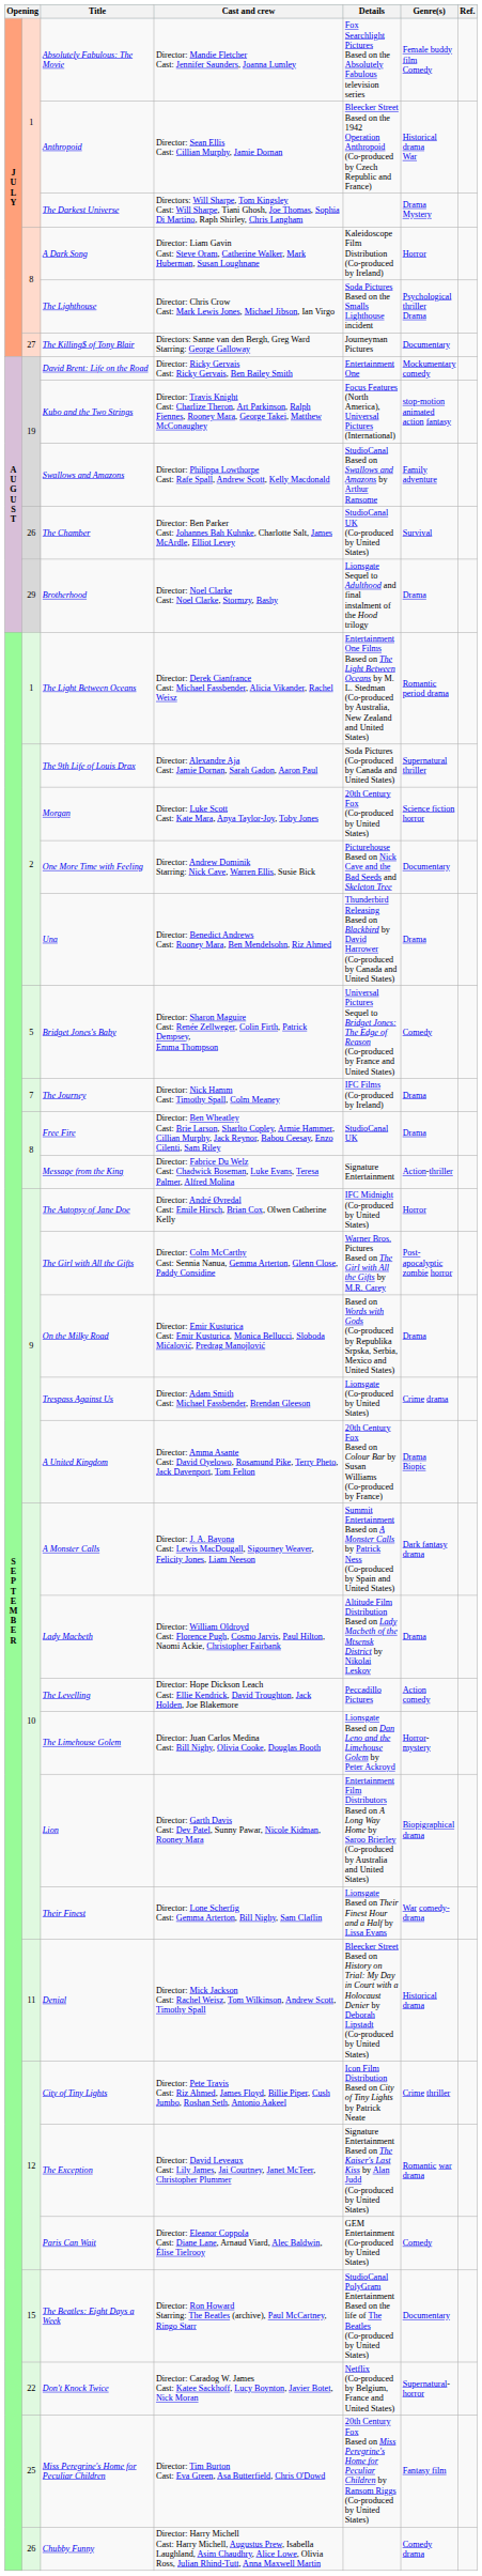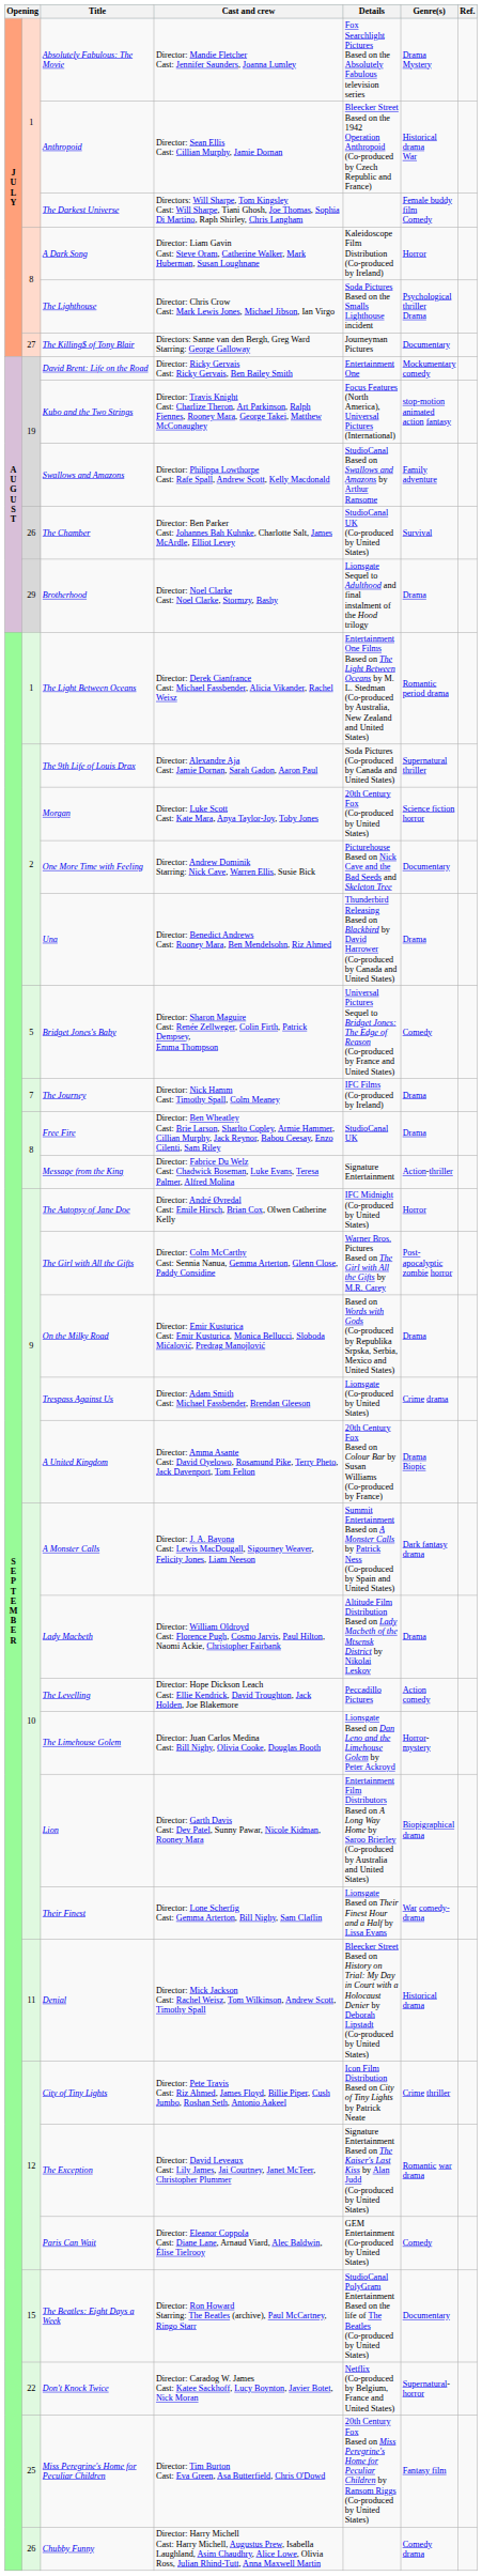 <table class="wikitable">
 <tr style="background:#b0e0e6; text-align:center;">
 <th colspan="2">Opening</th>
 <th style="width:24%;">Title</th>
 <th style="width:40%;">Cast and crew</th>
 <th>Details</th>
 <th style="width:10%;">Genre(s)</th>
 <th style="width:2%;">Ref.</th>
 </tr>
 <tr>
 <th rowspan="6" style="text-align:center; background:#ffa07a; textcolor:#000;">J<br>U<br>L<br>Y</th>
 <td rowspan="3" style="text-align:center; background:#ffdacc;">1</td>
 <td><em><a href='#'>Absolutely Fabulous: The Movie</a></em></td>
 <td>Director: <a href='#'>Mandie Fletcher</a> <br> Cast: <a href='#'>Jennifer Saunders</a>, <a href='#'>Joanna Lumley</a></td>
 <td><a href='#'>Fox Searchlight Pictures</a> <br> Based on the <a href='#'>Absolutely Fabulous</a> television series</td>
-<td><a href='#'>Female buddy film</a> <br> <a href='#'>Comedy</a></td>
+<td><a href='#'>Drama</a> <br> <a href='#'>Mystery</a></td>
 <td style="text-align:center"></td>
 </tr>
 <tr>
 <td><em><a href='#'>Anthropoid</a></em></td>
 <td>Director: <a href='#'>Sean Ellis</a> <br> Cast: <a href='#'>Cillian Murphy</a>, <a href='#'>Jamie Dornan</a></td>
 <td><a href='#'>Bleecker Street</a> <br> Based on the 1942 <a href='#'>Operation Anthropoid</a> <br> (Co-produced by Czech Republic and France)</td>
 <td><a href='#'>Historical drama</a> <br> <a href='#'>War</a></td>
 <td style="text-align:center"></td>
 </tr>
 <tr>
 <td><em><a href='#'>The Darkest Universe</a></em></td>
 <td>Directors: <a href='#'>Will Sharpe</a>, <a href='#'>Tom Kingsley</a> <br> Cast: <a href='#'>Will Sharpe</a>, Tiani Ghosh, <a href='#'>Joe Thomas</a>, <a href='#'>Sophia Di Martino</a>, Raph Shirley, <a href='#'>Chris Langham</a></td>
 <td></td>
-<td><a href='#'>Drama</a> <br> <a href='#'>Mystery</a></td>
+<td><a href='#'>Female buddy film</a> <br> <a href='#'>Comedy</a></td>
 <td style="text-align:center"></td>
 </tr>
 <tr>
 <td rowspan="2" style="text-align:center; background:#ffdacc;">8</td>
 <td><em><a href='#'>A Dark Song</a></em></td>
 <td>Director: Liam Gavin <br> Cast: <a href='#'>Steve Oram</a>, <a href='#'>Catherine Walker</a>, <a href='#'>Mark Huberman</a>, <a href='#'>Susan Loughnane</a></td>
 <td>Kaleidoscope Film Distribution <br> (Co-produced by Ireland)</td>
 <td><a href='#'>Horror</a></td>
 <td style="text-align:center"></td>
 </tr>
 <tr>
 <td><em><a href='#'>The Lighthouse</a></em></td>
 <td>Director: Chris Crow <br> Cast: <a href='#'>Mark Lewis Jones</a>, <a href='#'>Michael Jibson</a>, Ian Virgo</td>
 <td><a href='#'>Soda Pictures</a> <br> Based on the <a href='#'>Smalls Lighthouse</a> incident</td>
 <td><a href='#'>Psychological thriller</a> <br> <a href='#'>Drama</a></td>
 <td></td>
 </tr>
 <tr>
 <td rowspan="1" style="text-align:center; background:#ffdacc;">27</td>
 <td><em><a href='#'>The Killing$ of Tony Blair</a></em></td>
 <td>Directors:  Sanne van den Bergh, Greg Ward <br> Starring: <a href='#'>George Galloway</a></td>
 <td>Journeyman Pictures</td>
 <td><a href='#'>Documentary</a></td>
 <td style="text-align:center"></td>
 </tr>
 <tr>
 <th rowspan="5" style="text-align:center; background:thistle; textcolor:#000;">A<br>U<br>G<br>U<br>S<br>T</th>
 <td rowspan="3" style="text-align:center; background:#d8d8d8;">19</td>
 <td><em><a href='#'>David Brent: Life on the Road</a></em></td>
 <td>Director: <a href='#'>Ricky Gervais</a> <br> Cast: <a href='#'>Ricky Gervais</a>, <a href='#'>Ben Bailey Smith</a></td>
 <td><a href='#'>Entertainment One</a></td>
 <td><a href='#'>Mockumentary</a> <a href='#'>comedy</a></td>
 <td style="text-align:center"></td>
 </tr>
 <tr>
 <td><em><a href='#'>Kubo and the Two Strings</a></em></td>
 <td>Director: <a href='#'>Travis Knight</a> <br> Cast: <a href='#'>Charlize Theron</a>, <a href='#'>Art Parkinson</a>, <a href='#'>Ralph Fiennes</a>, <a href='#'>Rooney Mara</a>, <a href='#'>George Takei</a>, <a href='#'>Matthew McConaughey</a></td>
 <td><a href='#'>Focus Features</a> (North America), <a href='#'>Universal Pictures</a> (International)</td>
 <td><a href='#'>stop-motion animated</a> <a href='#'>action</a> <a href='#'>fantasy</a></td>
 </tr>
 <tr>
 <td><em><a href='#'>Swallows and Amazons</a></em></td>
 <td>Director: <a href='#'>Philippa Lowthorpe</a> <br> Cast: <a href='#'>Rafe Spall</a>, <a href='#'>Andrew Scott</a>, <a href='#'>Kelly Macdonald</a></td>
 <td><a href='#'>StudioCanal</a> <br> Based on <em><a href='#'>Swallows and Amazons</a></em> by <a href='#'>Arthur Ransome</a></td>
 <td><a href='#'>Family</a> <a href='#'>adventure</a></td>
 <td style="text-align:center"></td>
 </tr>
 <tr>
 <td rowspan="1" style="text-align:center; background:#d8d8d8;">26</td>
 <td><em><a href='#'>The Chamber</a></em></td>
 <td>Director: Ben Parker <br> Cast: <a href='#'>Johannes Bah Kuhnke</a>, Charlotte Salt, <a href='#'>James McArdle</a>, <a href='#'>Elliot Levey</a></td>
 <td><a href='#'>StudioCanal UK</a> <br> (Co-produced by United States)</td>
 <td><a href='#'>Survival</a></td>
 <td style="text-align:center"></td>
 </tr>
 <tr>
 <td rowspan="1" style="text-align:center; background:#d8d8d8;">29</td>
 <td><em><a href='#'>Brotherhood</a></em></td>
 <td>Director: <a href='#'>Noel Clarke</a> <br> Cast: <a href='#'>Noel Clarke</a>, <a href='#'>Stormzy</a>, <a href='#'>Bashy</a></td>
 <td><a href='#'>Lionsgate</a> <br> Sequel to <em><a href='#'>Adulthood</a></em> and final instalment of the <em>Hood</em> trilogy</td>
 <td><a href='#'>Drama</a></td>
 <td style="text-align:center"></td>
 </tr>
 <tr>
 <th rowspan="28" style="text-align:center; background:#98fb98; textcolor:#000;">S<br>E<br>P<br>T<br>E<br>M<br>B<br>E<br>R</th>
 <td rowspan="1" style="text-align:center; background:#e0f9e0;">1</td>
 <td><em><a href='#'>The Light Between Oceans</a></em></td>
 <td>Director: <a href='#'>Derek Cianfrance</a> <br> Cast: <a href='#'>Michael Fassbender</a>, <a href='#'>Alicia Vikander</a>, <a href='#'>Rachel Weisz</a></td>
 <td><a href='#'>Entertainment One Films</a> <br> Based on <em><a href='#'>The Light Between Oceans</a></em> by M. L. Stedman <br> (Co-produced by Australia, New Zealand and United States)</td>
 <td><a href='#'>Romantic</a> <a href='#'>period drama</a></td>
 <td style="text-align:center"></td>
 </tr>
 <tr>
 <td rowspan="4" style="text-align:center; background:#e0f9e0;">2</td>
 <td><em><a href='#'>The 9th Life of Louis Drax</a></em></td>
 <td>Director: <a href='#'>Alexandre Aja</a> <br> Cast: <a href='#'>Jamie Dornan</a>, <a href='#'>Sarah Gadon</a>, <a href='#'>Aaron Paul</a></td>
 <td>Soda Pictures <br> (Co-produced by Canada and United States)</td>
 <td><a href='#'>Supernatural</a> <a href='#'>thriller</a></td>
 <td style="text-align:center"></td>
 </tr>
 <tr>
 <td><em><a href='#'>Morgan</a></em></td>
 <td>Director: <a href='#'>Luke Scott</a> <br> Cast: <a href='#'>Kate Mara</a>, <a href='#'>Anya Taylor-Joy</a>, <a href='#'>Toby Jones</a></td>
 <td><a href='#'>20th Century Fox</a> <br> (Co-produced by United States)</td>
 <td><a href='#'>Science fiction</a> <a href='#'>horror</a></td>
 <td style="text-align:center"></td>
 </tr>
 <tr>
 <td><em><a href='#'>One More Time with Feeling</a></em></td>
 <td>Director: <a href='#'>Andrew Dominik</a> <br> Starring: <a href='#'>Nick Cave</a>, <a href='#'>Warren Ellis</a>, Susie Bick</td>
 <td><a href='#'>Picturehouse</a> <br> Based on <a href='#'>Nick Cave and the Bad Seeds</a> and <em><a href='#'>Skeleton Tree</a></em></td>
 <td><a href='#'>Documentary</a></td>
 <td style="text-align:center"></td>
 </tr>
 <tr>
 <td><em><a href='#'>Una</a></em></td>
 <td>Director: <a href='#'>Benedict Andrews</a> <br> Cast: <a href='#'>Rooney Mara</a>, <a href='#'>Ben Mendelsohn</a>, <a href='#'>Riz Ahmed</a></td>
 <td><a href='#'>Thunderbird Releasing</a> <br> Based on <em><a href='#'>Blackbird</a></em> by <a href='#'>David Harrower</a> <br> (Co-produced by Canada and United States)</td>
 <td><a href='#'>Drama</a></td>
 <td style="text-align:center"></td>
 </tr>
 <tr>
 <td rowspan="1" style="text-align:center; background:#e0f9e0;">5</td>
 <td><em><a href='#'>Bridget Jones's Baby</a></em></td>
 <td>Director: <a href='#'>Sharon Maguire</a> <br> Cast: <a href='#'>Renée Zellweger</a>, <a href='#'>Colin Firth</a>, <a href='#'>Patrick Dempsey</a>, <br> <a href='#'>Emma Thompson</a></td>
 <td><a href='#'>Universal Pictures</a> <br> Sequel to <em><a href='#'>Bridget Jones: The Edge of Reason</a></em> <br> (Co-produced by France and United States)</td>
 <td><a href='#'>Comedy</a></td>
 <td style="text-align:center"></td>
 </tr>
 <tr>
 <td rowspan="1" style="text-align:center; background:#e0f9e0;">7</td>
 <td><em><a href='#'>The Journey</a></em></td>
 <td>Director: <a href='#'>Nick Hamm</a> <br> Cast: <a href='#'>Timothy Spall</a>, <a href='#'>Colm Meaney</a></td>
 <td><a href='#'>IFC Films</a> <br> (Co-produced by Ireland)</td>
 <td><a href='#'>Drama</a></td>
 <td style="text-align:center"></td>
 </tr>
 <tr>
 <td rowspan="2" style="text-align:center; background:#e0f9e0;">8</td>
 <td><em><a href='#'>Free Fire</a></em></td>
 <td>Director: <a href='#'>Ben Wheatley</a> <br> Cast: <a href='#'>Brie Larson</a>, <a href='#'>Sharlto Copley</a>, <a href='#'>Armie Hammer</a>, <a href='#'>Cillian Murphy</a>, <a href='#'>Jack Reynor</a>, <a href='#'>Babou Ceesay</a>, <a href='#'>Enzo Cilenti</a>, <a href='#'>Sam Riley</a></td>
 <td><a href='#'>StudioCanal UK</a></td>
 <td><a href='#'>Drama</a></td>
 <td style="text-align:center"></td>
 </tr>
 <tr>
 <td><em><a href='#'>Message from the King</a></em></td>
 <td>Director: <a href='#'>Fabrice Du Welz</a> <br> Cast: <a href='#'>Chadwick Boseman</a>, <a href='#'>Luke Evans</a>, <a href='#'>Teresa Palmer</a>, <a href='#'>Alfred Molina</a></td>
 <td>Signature Entertainment</td>
 <td><a href='#'>Action</a>-<a href='#'>thriller</a></td>
 <td style="text-align:center"></td>
 </tr>
 <tr>
 <td rowspan="5" style="text-align:center; background:#e0f9e0;">9</td>
 <td><em><a href='#'>The Autopsy of Jane Doe</a></em></td>
 <td>Director: <a href='#'>André Øvredal</a> <br> Cast: <a href='#'>Emile Hirsch</a>, <a href='#'>Brian Cox</a>, Olwen Catherine Kelly</td>
 <td><a href='#'>IFC Midnight</a> <br> (Co-produced by United States)</td>
 <td><a href='#'>Horror</a></td>
 <td style="text-align:center"></td>
 </tr>
 <tr>
 <td><em><a href='#'>The Girl with All the Gifts</a></em></td>
 <td>Director: <a href='#'>Colm McCarthy</a> <br> Cast: Sennia Nanua, <a href='#'>Gemma Arterton</a>, <a href='#'>Glenn Close</a>, <br> <a href='#'>Paddy Considine</a></td>
 <td><a href='#'>Warner Bros.</a> Pictures <br> Based on <em><a href='#'>The Girl with All the Gifts</a></em> by <a href='#'>M.R. Carey</a></td>
 <td><a href='#'>Post-apocalyptic</a> <a href='#'>zombie</a> <a href='#'>horror</a></td>
 <td style="text-align:center"></td>
 </tr>
 <tr>
 <td><em><a href='#'>On the Milky Road</a></em></td>
 <td>Director: <a href='#'>Emir Kusturica</a> <br> Cast: <a href='#'>Emir Kusturica</a>, <a href='#'>Monica Bellucci</a>, <a href='#'>Sloboda Mićalović</a>, <a href='#'>Predrag Manojlović</a></td>
 <td>Based on <em><a href='#'>Words with Gods</a></em> <br> (Co-produced by Republika Srpska, Serbia, Mexico and United States)</td>
 <td><a href='#'>Drama</a></td>
 <td style="text-align:center"></td>
 </tr>
 <tr>
 <td><em><a href='#'>Trespass Against Us</a></em></td>
 <td>Director: <a href='#'>Adam Smith</a> <br> Cast: <a href='#'>Michael Fassbender</a>, <a href='#'>Brendan Gleeson</a></td>
 <td><a href='#'>Lionsgate</a> <br> (Co-produced by United States)</td>
 <td><a href='#'>Crime</a> <a href='#'>drama</a></td>
 <td style="text-align:center"></td>
 </tr>
 <tr>
 <td><em><a href='#'>A United Kingdom</a></em></td>
 <td>Director: <a href='#'>Amma Asante</a> <br> Cast: <a href='#'>David Oyelowo</a>, <a href='#'>Rosamund Pike</a>, <a href='#'>Terry Pheto</a>, <a href='#'>Jack Davenport</a>, <a href='#'>Tom Felton</a></td>
 <td><a href='#'>20th Century Fox</a> <br> Based on <em>Colour Bar</em> by Susan Williams <br> (Co-produced by France)</td>
 <td><a href='#'>Drama</a> <br> <a href='#'>Biopic</a></td>
 <td style="text-align:center"></td>
 </tr>
 <tr>
 <td rowspan="6" style="text-align:center; background:#e0f9e0;">10</td>
 <td><em><a href='#'>A Monster Calls</a></em></td>
 <td>Director: <a href='#'>J. A. Bayona</a> <br> Cast: <a href='#'>Lewis MacDougall</a>, <a href='#'>Sigourney Weaver</a>, <a href='#'>Felicity Jones</a>, <a href='#'>Liam Neeson</a></td>
 <td><a href='#'>Summit Entertainment</a> <br> Based on <em><a href='#'>A Monster Calls</a></em> by <a href='#'>Patrick Ness</a> <br> (Co-produced by Spain and United States)</td>
 <td><a href='#'>Dark fantasy</a> <br> <a href='#'>drama</a></td>
 <td style="text-align:center"></td>
 </tr>
 <tr>
 <td><em><a href='#'>Lady Macbeth</a></em></td>
 <td>Director: <a href='#'>William Oldroyd</a> <br> Cast: <a href='#'>Florence Pugh</a>, <a href='#'>Cosmo Jarvis</a>, <a href='#'>Paul Hilton</a>, Naomi Ackie, <a href='#'>Christopher Fairbank</a></td>
 <td><a href='#'>Altitude Film Distribution</a> <br> Based on <em><a href='#'>Lady Macbeth of the Mtsensk District</a></em> by <a href='#'>Nikolai Leskov</a></td>
 <td><a href='#'>Drama</a></td>
 <td></td>
 </tr>
 <tr>
 <td><em><a href='#'>The Levelling</a></em></td>
 <td>Director: Hope Dickson Leach <br> Cast: <a href='#'>Ellie Kendrick</a>, <a href='#'>David Troughton</a>, <a href='#'>Jack Holden</a>, Joe Blakemore</td>
 <td><a href='#'>Peccadillo Pictures</a></td>
 <td><a href='#'>Action comedy</a></td>
 <td style="text-align:center"></td>
 </tr>
 <tr>
 <td><em><a href='#'>The Limehouse Golem</a></em></td>
 <td>Director: Juan Carlos Medina <br> Cast: <a href='#'>Bill Nighy</a>, <a href='#'>Olivia Cooke</a>, <a href='#'>Douglas Booth</a></td>
 <td><a href='#'>Lionsgate</a> <br> Based on <em><a href='#'>Dan Leno and the Limehouse Golem</a></em> by <a href='#'>Peter Ackroyd</a></td>
 <td><a href='#'>Horror</a>-<a href='#'>mystery</a></td>
 <td style="text-align:center"></td>
 </tr>
 <tr>
 <td><em><a href='#'>Lion</a></em></td>
 <td>Director: <a href='#'>Garth Davis</a> <br> Cast: <a href='#'>Dev Patel</a>, Sunny Pawar, <a href='#'>Nicole Kidman</a>, <a href='#'>Rooney Mara</a></td>
 <td><a href='#'>Entertainment Film Distributors</a> <br> Based on <em>A Long Way Home</em> by <a href='#'>Saroo Brierley</a> <br> (Co-produced by Australia and United States)</td>
 <td><a href='#'>Biopigraphical</a> <a href='#'>drama</a></td>
 <td style="text-align:center"></td>
 </tr>
 <tr>
 <td><em><a href='#'>Their Finest</a></em></td>
 <td>Director: <a href='#'>Lone Scherfig</a> <br> Cast: <a href='#'>Gemma Arterton</a>, <a href='#'>Bill Nighy</a>, <a href='#'>Sam Claflin</a></td>
 <td><a href='#'>Lionsgate</a> <br> Based on <em>Their Finest Hour and a Half</em> by <a href='#'>Lissa Evans</a></td>
 <td><a href='#'>War</a> <a href='#'>comedy-drama</a></td>
 <td style="text-align:center"></td>
 </tr>
 <tr>
 <td rowspan="1" style="text-align:center; background:#e0f9e0;">11</td>
 <td><em><a href='#'>Denial</a></em></td>
 <td>Director: <a href='#'>Mick Jackson</a> <br> Cast: <a href='#'>Rachel Weisz</a>, <a href='#'>Tom Wilkinson</a>, <a href='#'>Andrew Scott</a>, <a href='#'>Timothy Spall</a></td>
 <td><a href='#'>Bleecker Street</a> <br> Based on <em>History on Trial: My Day in Court with a Holocaust Denier</em> by <a href='#'>Deborah Lipstadt</a> <br> (Co-produced by United States)</td>
 <td><a href='#'>Historical drama</a></td>
 <td style="text-align:center"></td>
 </tr>
 <tr>
 <td rowspan="3" style="text-align:center; background:#e0f9e0;">12</td>
 <td><em><a href='#'>City of Tiny Lights</a></em></td>
 <td>Director: <a href='#'>Pete Travis</a> <br> Cast: <a href='#'>Riz Ahmed</a>, <a href='#'>James Floyd</a>, <a href='#'>Billie Piper</a>, <a href='#'>Cush Jumbo</a>, <a href='#'>Roshan Seth</a>, <a href='#'>Antonio Aakeel</a></td>
 <td><a href='#'>Icon Film Distribution</a> <br> Based on <em>City of Tiny Lights</em> by Patrick Neate</td>
 <td><a href='#'>Crime</a> <a href='#'>thriller</a></td>
 <td style="text-align:center"></td>
 </tr>
 <tr>
 <td><em><a href='#'>The Exception</a></em></td>
 <td>Director: <a href='#'>David Leveaux</a> <br> Cast: <a href='#'>Lily James</a>, <a href='#'>Jai Courtney</a>, <a href='#'>Janet McTeer</a>, <br> <a href='#'>Christopher Plummer</a></td>
 <td>Signature Entertainment <br> Based on <em><a href='#'>The Kaiser's Last Kiss</a></em> by <a href='#'>Alan Judd</a> <br> (Co-produced by United States)</td>
 <td><a href='#'>Romantic</a> <a href='#'>war</a> <a href='#'>drama</a></td>
 <td style="text-align:center"></td>
 </tr>
 <tr>
 <td><em><a href='#'>Paris Can Wait</a></em></td>
 <td>Director: <a href='#'>Eleanor Coppola</a> <br> Cast: <a href='#'>Diane Lane</a>, Arnaud Viard, <a href='#'>Alec Baldwin</a>, <a href='#'>Élise Tielrooy</a></td>
 <td>GEM Entertainment <br> (Co-produced by United States)</td>
 <td><a href='#'>Comedy</a></td>
 <td style="text-align:center"></td>
 </tr>
 <tr>
 <td rowspan="1" style="text-align:center; background:#e0f9e0;">15</td>
 <td><em><a href='#'>The Beatles: Eight Days a Week</a></em></td>
 <td>Director: <a href='#'>Ron Howard</a> <br> Starring: <a href='#'>The Beatles</a> (archive), <a href='#'>Paul McCartney</a>, <a href='#'>Ringo Starr</a></td>
 <td><a href='#'>StudioCanal</a> <br> <a href='#'>PolyGram</a> Entertainment <br> Based on the life of <a href='#'>The Beatles</a> <br> (Co-produced by United States)</td>
 <td><a href='#'>Documentary</a></td>
 <td style="text-align:center"></td>
 </tr>
 <tr>
 <td rowspan="1" style="text-align:center; background:#e0f9e0;">22</td>
 <td><em><a href='#'>Don't Knock Twice</a></em></td>
 <td>Director: Caradog W. James <br> Cast: <a href='#'>Katee Sackhoff</a>, <a href='#'>Lucy Boynton</a>, <a href='#'>Javier Botet</a>, <a href='#'>Nick Moran</a></td>
 <td><a href='#'>Netflix</a> <br> (Co-produced by Belgium, France and United States)</td>
 <td><a href='#'>Supernatural</a>-<a href='#'>horror</a></td>
 <td style="text-align:center"></td>
 </tr>
 <tr>
 <td rowspan="1" style="text-align:center; background:#e0f9e0;">25</td>
 <td><em><a href='#'>Miss Peregrine's Home for Peculiar Children</a></em></td>
 <td>Director: <a href='#'>Tim Burton</a> <br> Cast: <a href='#'>Eva Green</a>, <a href='#'>Asa Butterfield</a>, <a href='#'>Chris O'Dowd</a></td>
 <td><a href='#'>20th Century Fox</a> <br> Based on <em><a href='#'>Miss Peregrine's Home for Peculiar Children</a></em> by <a href='#'>Ransom Riggs</a> <br> (Co-produced by United States)</td>
 <td><a href='#'>Fantasy film</a></td>
 <td style="text-align:center"></td>
 </tr>
 <tr>
 <td rowspan="1" style="text-align:center; background:#e0f9e0;">26</td>
 <td><em><a href='#'>Chubby Funny</a></em></td>
 <td>Director: Harry Michell <br> Cast: Harry Michell, <a href='#'>Augustus Prew</a>, Isabella Laughland, <a href='#'>Asim Chaudhry</a>, <a href='#'>Alice Lowe</a>, Olivia Ross, <a href='#'>Julian Rhind-Tutt</a>, <a href='#'>Anna Maxwell Martin</a></td>
 <td></td>
 <td><a href='#'>Comedy drama</a></td>
 <td style="text-align:center"></td>
 </tr>
 </table>
